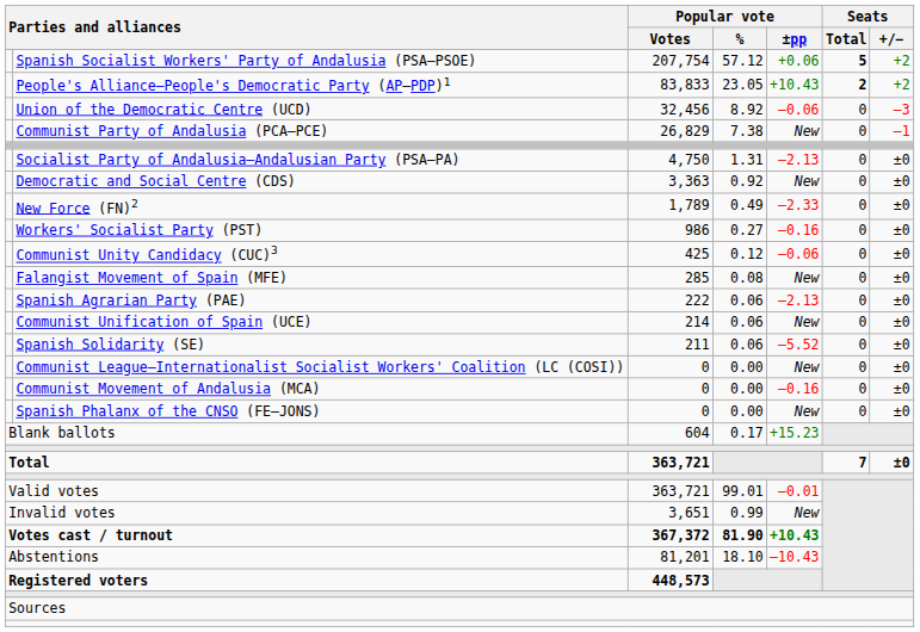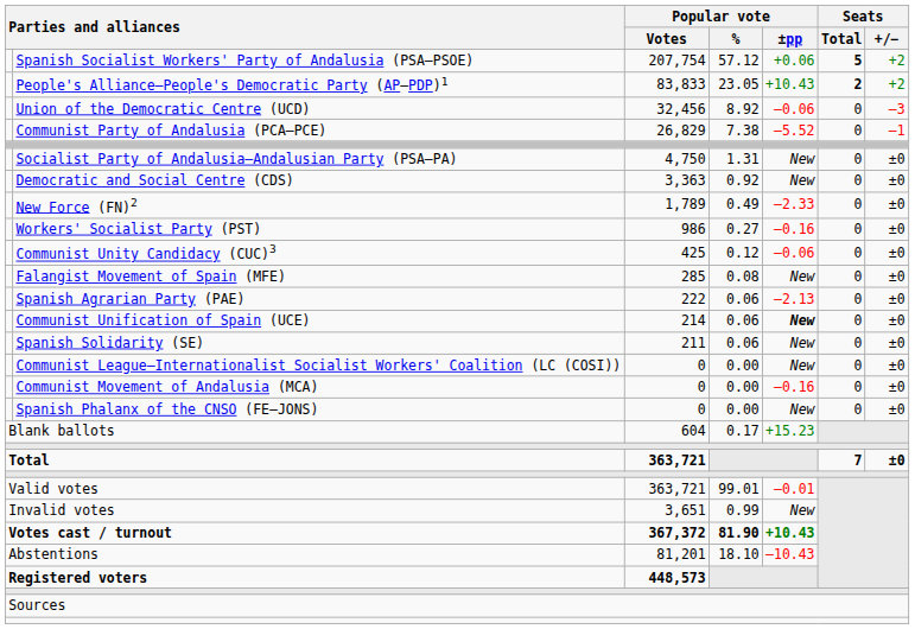 <table class="wikitable" style="text-align:right;">
 <tr>
 <th style="text-align:left;" rowspan="2" colspan="2" width="525">Parties and alliances</th>
 <th colspan="3">Popular vote</th>
 <th colspan="2">Seats</th>
 </tr>
 <tr>
 <th width="75">Votes</th>
 <th width="45">%</th>
 <th width="45">±<a href='#'>pp</a></th>
 <th width="35">Total</th>
 <th width="35">+/−</th>
 </tr>
 <tr>
 <td width="1" style="color:inherit;background:"></td>
 <td align="left"><a href='#'>Spanish Socialist Workers' Party of Andalusia</a> (PSA–PSOE)</td>
 <td>207,754</td>
 <td>57.12</td>
 <td style="color:green;">+0.06</td>
 <td><strong>5</strong></td>
 <td style="color:green;">+2</td>
 </tr>
 <tr>
 <td style="color:inherit;background:"></td>
 <td align="left"><a href='#'>People's Alliance–People's Democratic Party</a> (<a href='#'>AP</a>–<a href='#'>PDP</a>)<sup>1</sup></td>
 <td>83,833</td>
 <td>23.05</td>
 <td style="color:green;">+10.43</td>
 <td><strong>2</strong></td>
 <td style="color:green;">+2</td>
 </tr>
 <tr>
 <td style="color:inherit;background:"></td>
 <td align="left"><a href='#'>Union of the Democratic Centre</a> (UCD)</td>
 <td>32,456</td>
 <td>8.92</td>
 <td style="color:red;">–0.06</td>
 <td>0</td>
 <td style="color:red;">–3</td>
 </tr>
 <tr>
 <td style="color:inherit;background:"></td>
 <td align="left"><a href='#'>Communist Party of Andalusia</a> (PCA–PCE)</td>
 <td>26,829</td>
 <td>7.38</td>
-<td><em>New</em></td>
+<td style="color:red;">–5.52</td>
 <td>0</td>
 <td style="color:red;">–1</td>
 </tr>
 <tr>
 <td colspan="7" bgcolor="#C0C0C0"></td>
 </tr>
 <tr>
 <td style="color:inherit;background:"></td>
 <td align="left"><a href='#'>Socialist Party of Andalusia–Andalusian Party</a> (PSA–PA)</td>
 <td>4,750</td>
 <td>1.31</td>
-<td style="color:red;">–2.13</td>
+<td><em>New</em></td>
 <td>0</td>
 <td>±0</td>
 </tr>
 <tr>
 <td style="color:inherit;background:"></td>
 <td align="left"><a href='#'>Democratic and Social Centre</a> (CDS)</td>
 <td>3,363</td>
 <td>0.92</td>
 <td><em>New</em></td>
 <td>0</td>
 <td>±0</td>
 </tr>
 <tr>
 <td style="color:inherit;background:"></td>
 <td align="left"><a href='#'>New Force</a> (FN)<sup>2</sup></td>
 <td>1,789</td>
 <td>0.49</td>
 <td style="color:red;">–2.33</td>
 <td>0</td>
 <td>±0</td>
 </tr>
 <tr>
 <td style="color:inherit;background:"></td>
 <td align="left"><a href='#'>Workers' Socialist Party</a> (PST)</td>
 <td>986</td>
 <td>0.27</td>
 <td style="color:red;">–0.16</td>
 <td>0</td>
 <td>±0</td>
 </tr>
 <tr>
 <td style="color:inherit;background:"></td>
 <td align="left"><a href='#'>Communist Unity Candidacy</a> (CUC)<sup>3</sup></td>
 <td>425</td>
 <td>0.12</td>
 <td style="color:red;">–0.06</td>
 <td>0</td>
 <td>±0</td>
 </tr>
 <tr>
 <td style="color:inherit;background:"></td>
 <td align="left"><a href='#'>Falangist Movement of Spain</a> (MFE)</td>
 <td>285</td>
 <td>0.08</td>
 <td><em>New</em></td>
 <td>0</td>
 <td>±0</td>
 </tr>
 <tr>
 <td style="color:inherit;background:"></td>
 <td align="left"><a href='#'>Spanish Agrarian Party</a> (PAE)</td>
 <td>222</td>
 <td>0.06</td>
 <td style="color:red;">–2.13</td>
 <td>0</td>
 <td>±0</td>
 </tr>
 <tr>
 <td style="color:inherit;background:"></td>
 <td align="left"><a href='#'>Communist Unification of Spain</a> (UCE)</td>
 <td>214</td>
 <td>0.06</td>
-<td><em>New</em></td>
+<td><strong><em>New</em></strong></td>
 <td>0</td>
 <td>±0</td>
 </tr>
 <tr>
 <td style="color:inherit;background:"></td>
 <td align="left"><a href='#'>Spanish Solidarity</a> (SE)</td>
 <td>211</td>
 <td>0.06</td>
-<td style="color:red;">–5.52</td>
+<td><em>New</em></td>
 <td>0</td>
 <td>±0</td>
 </tr>
 <tr>
 <td style="color:inherit;background:"></td>
 <td align="left"><a href='#'>Communist League–Internationalist Socialist Workers' Coalition</a> (LC (COSI))</td>
 <td>0</td>
 <td>0.00</td>
 <td><em>New</em></td>
 <td>0</td>
 <td>±0</td>
 </tr>
 <tr>
 <td style="color:inherit;background:"></td>
 <td align="left"><a href='#'>Communist Movement of Andalusia</a> (MCA)</td>
 <td>0</td>
 <td>0.00</td>
 <td style="color:red;">–0.16</td>
 <td>0</td>
 <td>±0</td>
 </tr>
 <tr>
 <td style="color:inherit;background:"></td>
 <td align="left"><a href='#'>Spanish Phalanx of the CNSO</a> (FE–JONS)</td>
 <td>0</td>
 <td>0.00</td>
 <td><em>New</em></td>
 <td>0</td>
 <td>±0</td>
 </tr>
 <tr>
 <td align="left" colspan="2">Blank ballots</td>
 <td>604</td>
 <td>0.17</td>
 <td style="color:green;">+15.23</td>
 <td bgcolor="#E9E9E9" colspan="2"></td>
 </tr>
 <tr>
 <td colspan="7" bgcolor="#E9E9E9"></td>
 </tr>
 <tr style="font-weight:bold;">
 <td align="left" colspan="2">Total</td>
 <td>363,721</td>
 <td bgcolor="#E9E9E9" colspan="2"></td>
 <td>7</td>
 <td>±0</td>
 </tr>
 <tr>
 <td colspan="7" bgcolor="#E9E9E9"></td>
 </tr>
 <tr>
 <td align="left" colspan="2">Valid votes</td>
 <td>363,721</td>
 <td>99.01</td>
 <td style="color:red;">–0.01</td>
 <td bgcolor="#E9E9E9" colspan="2" rowspan="5"></td>
 </tr>
 <tr>
 <td align="left" colspan="2">Invalid votes</td>
 <td>3,651</td>
 <td>0.99</td>
 <td><em>New</em></td>
 </tr>
 <tr style="font-weight:bold;">
 <td align="left" colspan="2">Votes cast / turnout</td>
 <td>367,372</td>
 <td>81.90</td>
 <td style="color:green;">+10.43</td>
 </tr>
 <tr>
 <td align="left" colspan="2">Abstentions</td>
 <td>81,201</td>
 <td>18.10</td>
 <td style="color:red;">–10.43</td>
 </tr>
 <tr style="font-weight:bold;">
 <td align="left" colspan="2">Registered voters</td>
 <td>448,573</td>
 <td bgcolor="#E9E9E9" colspan="2"></td>
 </tr>
 <tr>
 <td colspan="7" bgcolor="#E9E9E9"></td>
 </tr>
 <tr>
 <td align="left" colspan="7">Sources</td>
 </tr>
 <tr>
 <td colspan="7" style="text-align:left; max-width:790px;"></td>
 </tr>
 </table>
